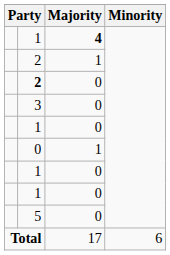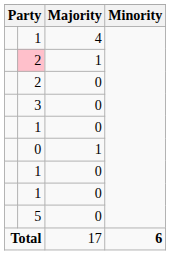 <table class="wikitable" style="text-align:right">
 <tr>
 </tr>
 <tr>
 <th colspan="2" style="text-align:center;">Party</th>
 <th>Majority</th>
 <th>Minority</th>
 </tr>
 <tr>
 <td></td>
 <td>1</td>
-<td><strong>4</strong></td>
+<td>4</td>
+</tr>
+<tr>
+<td></td>
+<td style="background: pink;">2</td>
+<td>1</td>
 </tr>
 <tr>
 <td></td>
 <td>2</td>
-<td>1</td>
-</tr>
-<tr>
-<td></td>
-<td><strong>2</strong></td>
 <td>0</td>
 </tr>
 <tr>
 <td></td>
 <td>3</td>
 <td>0</td>
 </tr>
 <tr>
 <td></td>
 <td>1</td>
 <td>0</td>
 </tr>
 <tr>
 <td></td>
 <td>0</td>
 <td>1</td>
 </tr>
 <tr>
 <td></td>
 <td>1</td>
 <td>0</td>
 </tr>
 <tr>
 <td></td>
 <td>1</td>
 <td>0</td>
 </tr>
 <tr>
 <td></td>
 <td>5</td>
 <td>0</td>
 </tr>
 <tr>
 <td colspan="2" rowspan="1"><strong>Total</strong></td>
 <td>17</td>
-<td>6</td>
+<td><strong>6</strong></td>
 </tr>
 </table>
